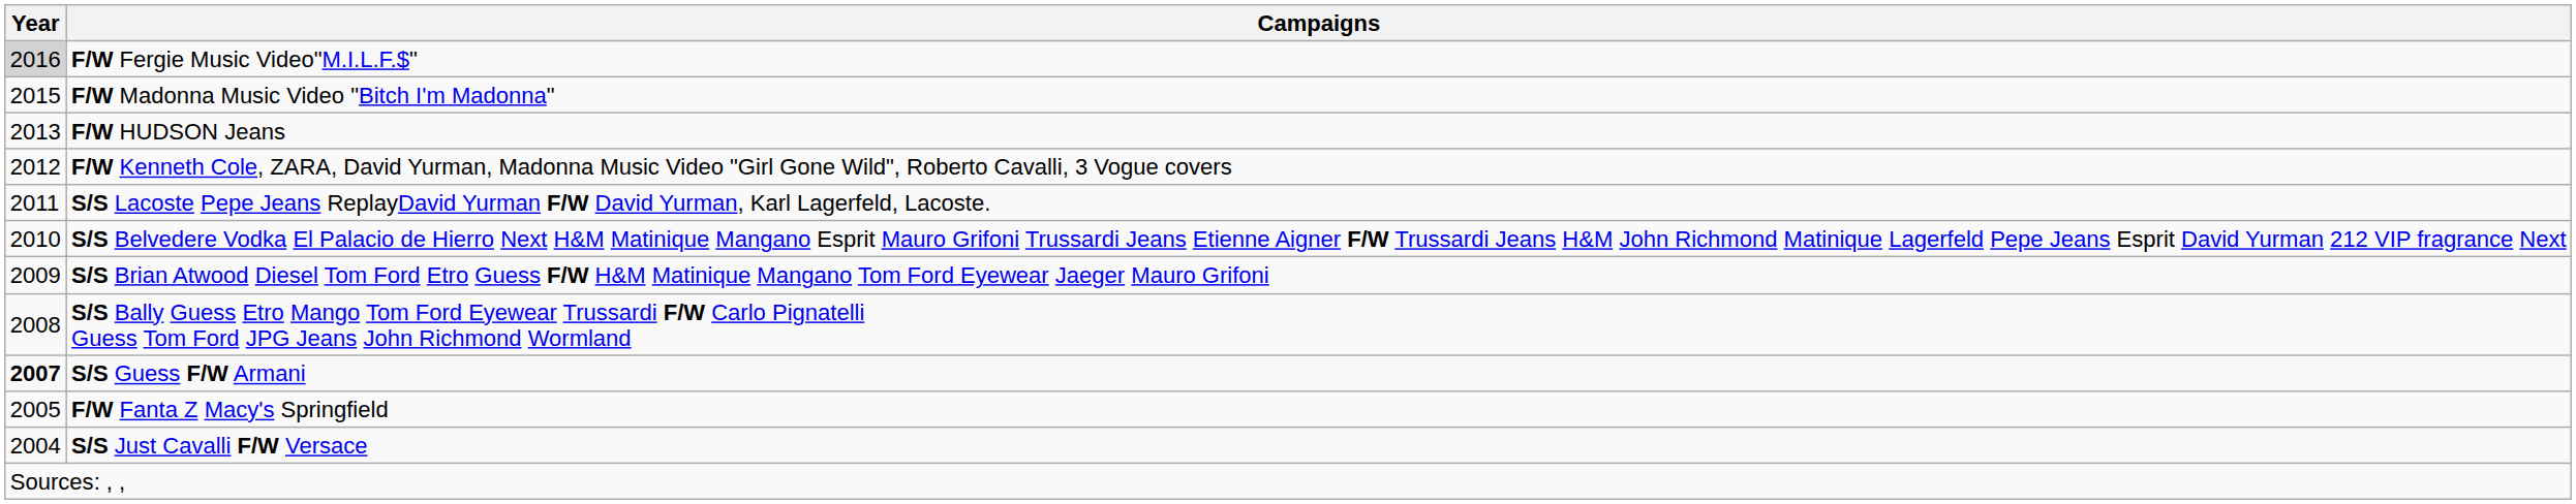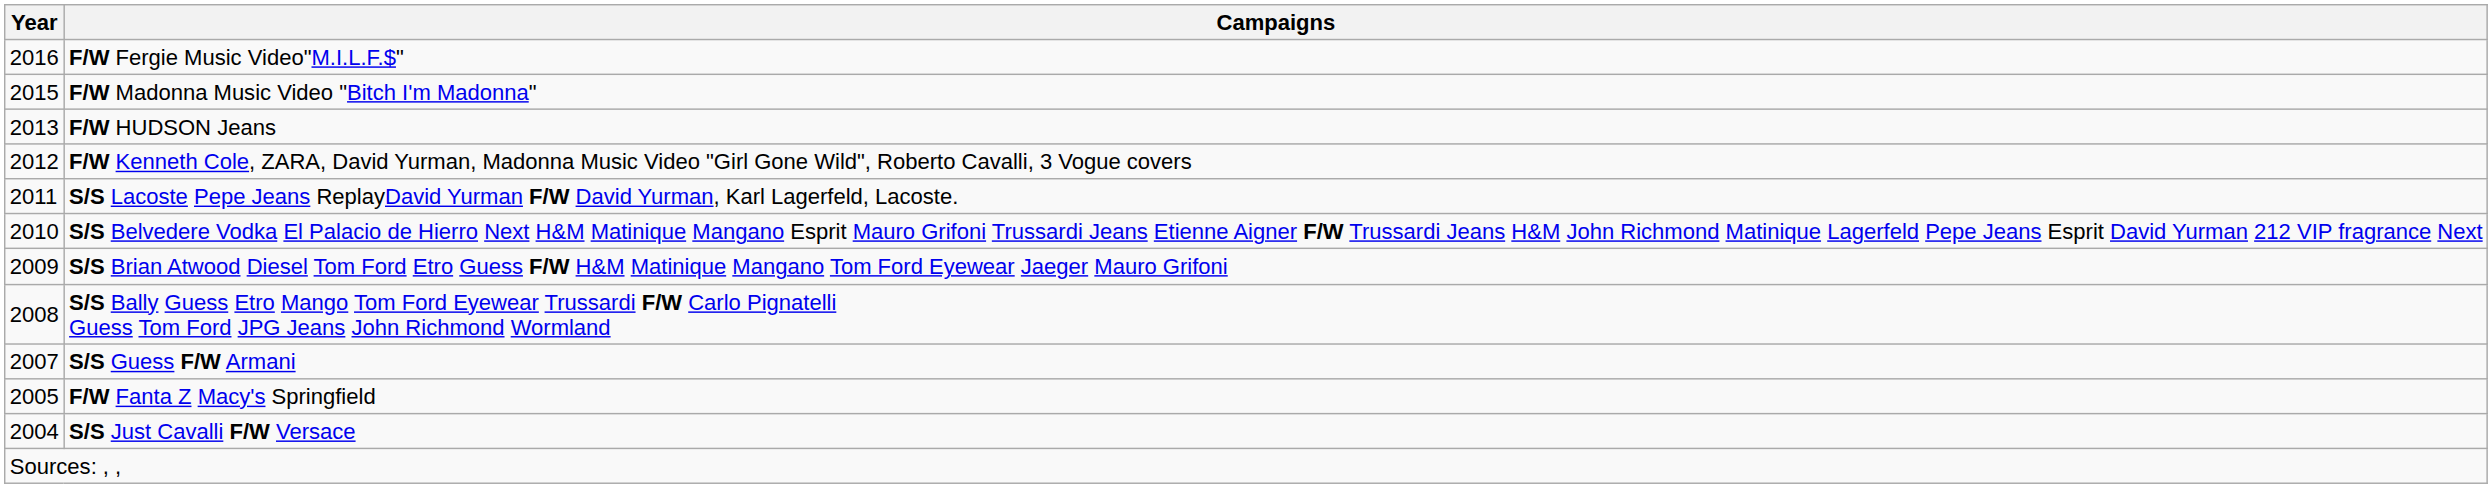 <table class="wikitable" style="font-size: 95%">
 <tr>
 <th>Year</th>
 <th>Campaigns</th>
 </tr>
 <tr>
-<td style="background: lightgrey;">2016</td>
+<td>2016</td>
 <td><strong>F/W</strong> Fergie Music Video"<a href='#'>M.I.L.F.$</a>"</td>
 </tr>
 <tr>
 <td>2015</td>
 <td><strong>F/W</strong> Madonna Music Video "<a href='#'>Bitch I'm Madonna</a>"</td>
 </tr>
 <tr>
 <td>2013</td>
 <td><strong>F/W</strong> HUDSON Jeans</td>
 </tr>
 <tr>
 <td>2012</td>
 <td><strong>F/W</strong> <a href='#'>Kenneth Cole</a>, ZARA, David Yurman, Madonna Music Video "Girl Gone Wild", Roberto Cavalli, 3 Vogue covers</td>
 </tr>
 <tr>
 <td>2011</td>
 <td><strong>S/S</strong> <a href='#'>Lacoste</a> <a href='#'>Pepe Jeans</a> Replay<a href='#'>David Yurman</a> <strong>F/W</strong> <a href='#'>David Yurman</a>, Karl Lagerfeld, Lacoste.</td>
 </tr>
 <tr>
 <td>2010</td>
 <td><strong>S/S</strong> <a href='#'>Belvedere Vodka</a> <a href='#'>El Palacio de Hierro</a> <a href='#'>Next</a> <a href='#'>H&M</a> <a href='#'>Matinique</a> <a href='#'>Mangano</a> Esprit <a href='#'>Mauro Grifoni</a> <a href='#'>Trussardi Jeans</a> <a href='#'>Etienne Aigner</a> <strong>F/W</strong> <a href='#'>Trussardi Jeans</a> <a href='#'>H&M</a> <a href='#'>John Richmond</a> <a href='#'>Matinique</a> <a href='#'>Lagerfeld</a> <a href='#'>Pepe Jeans</a> Esprit <a href='#'>David Yurman</a> <a href='#'>212 VIP fragrance</a> <a href='#'>Next</a></td>
 </tr>
 <tr>
 <td>2009</td>
 <td><strong>S/S</strong> <a href='#'>Brian Atwood</a> <a href='#'>Diesel</a> <a href='#'>Tom Ford</a> <a href='#'>Etro</a> <a href='#'>Guess</a> <strong>F/W</strong> <a href='#'>H&M</a> <a href='#'>Matinique</a> <a href='#'>Mangano</a> <a href='#'>Tom Ford Eyewear</a> <a href='#'>Jaeger</a> <a href='#'>Mauro Grifoni</a></td>
 </tr>
 <tr>
 <td>2008</td>
 <td><strong>S/S</strong> <a href='#'>Bally</a> <a href='#'>Guess</a> <a href='#'>Etro</a> <a href='#'>Mango</a> <a href='#'>Tom Ford Eyewear</a> <a href='#'>Trussardi</a> <strong>F/W</strong> <a href='#'>Carlo Pignatelli</a><br><a href='#'>Guess</a> <a href='#'>Tom Ford</a> <a href='#'>JPG Jeans</a> <a href='#'>John Richmond</a> <a href='#'>Wormland</a></td>
 </tr>
 <tr>
-<td><strong>2007</strong></td>
+<td>2007</td>
 <td><strong>S/S</strong> <a href='#'>Guess</a> <strong>F/W</strong> <a href='#'>Armani</a></td>
 </tr>
 <tr>
 <td>2005</td>
 <td><strong>F/W</strong> <a href='#'>Fanta Z</a> <a href='#'>Macy's</a> Springfield</td>
 </tr>
 <tr>
 <td>2004</td>
 <td><strong>S/S</strong> <a href='#'>Just Cavalli</a> <strong>F/W</strong> <a href='#'>Versace</a></td>
 </tr>
 <tr>
 <td colspan=2>Sources: , , </td>
 </tr>
 </table>
